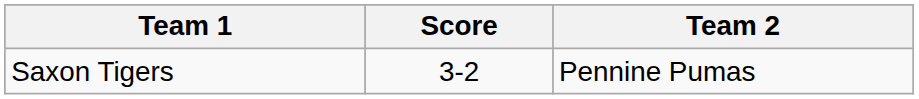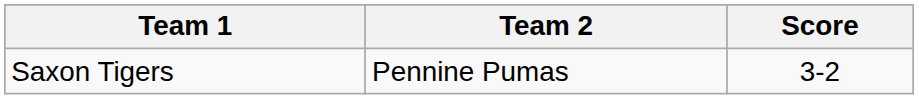 <table class="wikitable" style="text-align:centre;">
 <tr>
 <th width=200>Team 1</th>
+<th width=200>Team 2</th>
 <th width=100>Score</th>
-<th width=200>Team 2</th>
 </tr>
 <tr>
 <td>Saxon Tigers</td>
+<td>Pennine Pumas</td>
 <td align=center>3-2</td>
-<td>Pennine Pumas</td>
 </tr>
 </table>
